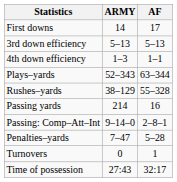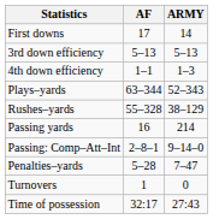 <table class="wikitable">
 <tr>
 <th>Statistics</th>
+<th>AF</th>
 <th>ARMY</th>
-<th>AF</th>
 </tr>
 <tr>
 <td>First downs</td>
+<td align=center>17</td>
 <td align=center>14</td>
-<td align=center>17</td>
 </tr>
 <tr>
 <td>3rd down efficiency</td>
 <td align=center>5–13</td>
 <td align=center>5–13</td>
 </tr>
 <tr>
 <td>4th down efficiency</td>
+<td align=center>1–1</td>
 <td align=center>1–3</td>
-<td align=center>1–1</td>
 </tr>
 <tr>
 <td>Plays–yards</td>
+<td align=center>63–344</td>
 <td align=center>52–343</td>
-<td align=center>63–344</td>
 </tr>
 <tr>
 <td>Rushes–yards</td>
+<td align=center>55–328</td>
 <td align=center>38–129</td>
-<td align=center>55–328</td>
 </tr>
 <tr>
 <td>Passing yards</td>
+<td align=center>16</td>
 <td align=center>214</td>
-<td align=center>16</td>
 </tr>
 <tr>
 <td>Passing: Comp–Att–Int</td>
+<td align=center>2–8–1</td>
 <td align=center>9–14–0</td>
-<td align=center>2–8–1</td>
 </tr>
 <tr>
 <td>Penalties–yards</td>
+<td align=center>5–28</td>
 <td align=center>7–47</td>
-<td align=center>5–28</td>
 </tr>
 <tr>
 <td>Turnovers</td>
+<td align=center>1</td>
 <td align=center>0</td>
-<td align=center>1</td>
 </tr>
 <tr>
 <td>Time of possession</td>
+<td align=center>32:17</td>
 <td align=center>27:43</td>
-<td align=center>32:17</td>
 </tr>
 </table>
